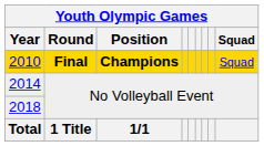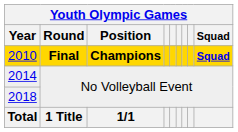 <table class="wikitable" style="text-align: center;">
 <tr>
 <th colspan=9><a href='#'>Youth Olympic Games</a></th>
 </tr>
 <tr>
 <th>Year</th>
 <th>Round</th>
 <th>Position</th>
 <th></th>
 <th></th>
 <th></th>
 <th></th>
 <th></th>
 <th><small>Squad</small></th>
 </tr>
 <tr bgcolor=gold>
 <td> <a href='#'>2010</a></td>
 <td><strong>Final</strong></td>
 <td><strong>Champions</strong></td>
 <td></td>
 <td></td>
 <td></td>
 <td></td>
 <td></td>
-<td><small><a href='#'>Squad</a></small></td>
+<td><strong><small><a href='#'>Squad</a></small></strong></td>
 </tr>
 <tr bgcolor="efefef">
 <td> <a href='#'>2014</a></td>
 <td colspan=9 rowspan=2 align=center>No Volleyball Event</td>
 </tr>
 <tr bgcolor="efefef">
 <td> <a href='#'>2018</a></td>
 </tr>
 <tr>
 <th>Total</th>
 <th>1 Title</th>
 <th>1/1</th>
 <th></th>
 <th></th>
 <th></th>
 <th></th>
 <th></th>
 <th></th>
 </tr>
 </table>
